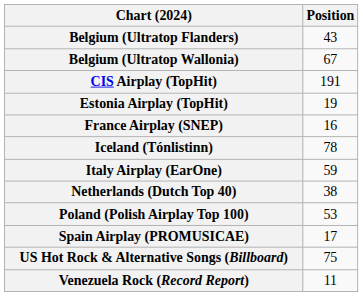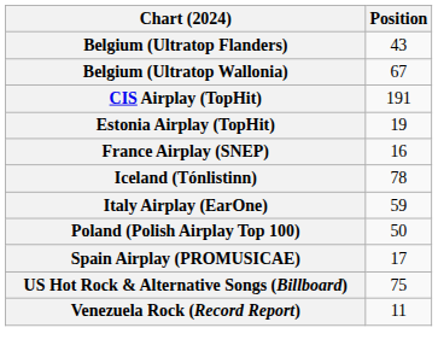 <table class="wikitable sortable plainrowheaders" style="text-align:center">
 <tr>
 <th scope="col" style="width:21em;">Chart (2024)</th>
 <th scope="col">Position</th>
 </tr>
 <tr>
 <th scope="row">Belgium (Ultratop Flanders)</th>
 <td>43</td>
 </tr>
 <tr>
 <th scope="row">Belgium (Ultratop Wallonia)</th>
 <td>67</td>
 </tr>
 <tr>
 <th scope="row"><a href='#'>CIS</a> Airplay (TopHit)</th>
 <td>191</td>
 </tr>
 <tr>
 <th scope="row">Estonia Airplay (TopHit)</th>
 <td>19</td>
 </tr>
 <tr>
 <th scope="row">France Airplay (SNEP)</th>
 <td>16</td>
 </tr>
 <tr>
 <th scope="row">Iceland (Tónlistinn)</th>
 <td>78</td>
 </tr>
 <tr>
 <th scope="row">Italy Airplay (EarOne)</th>
 <td>59</td>
 </tr>
 <tr>
-<th scope="row">Netherlands (Dutch Top 40)</th>
-<td>38</td>
-</tr>
-<tr>
 <th scope="row">Poland (Polish Airplay Top 100)</th>
-<td>53</td>
+<td>50</td>
 </tr>
 <tr>
 <th scope="row">Spain Airplay (PROMUSICAE)</th>
 <td>17</td>
 </tr>
 <tr>
 <th scope="row">US Hot Rock & Alternative Songs (<em>Billboard</em>)</th>
 <td>75</td>
 </tr>
 <tr>
 <th scope="row">Venezuela Rock (<em>Record Report</em>)</th>
 <td>11</td>
 </tr>
 </table>
